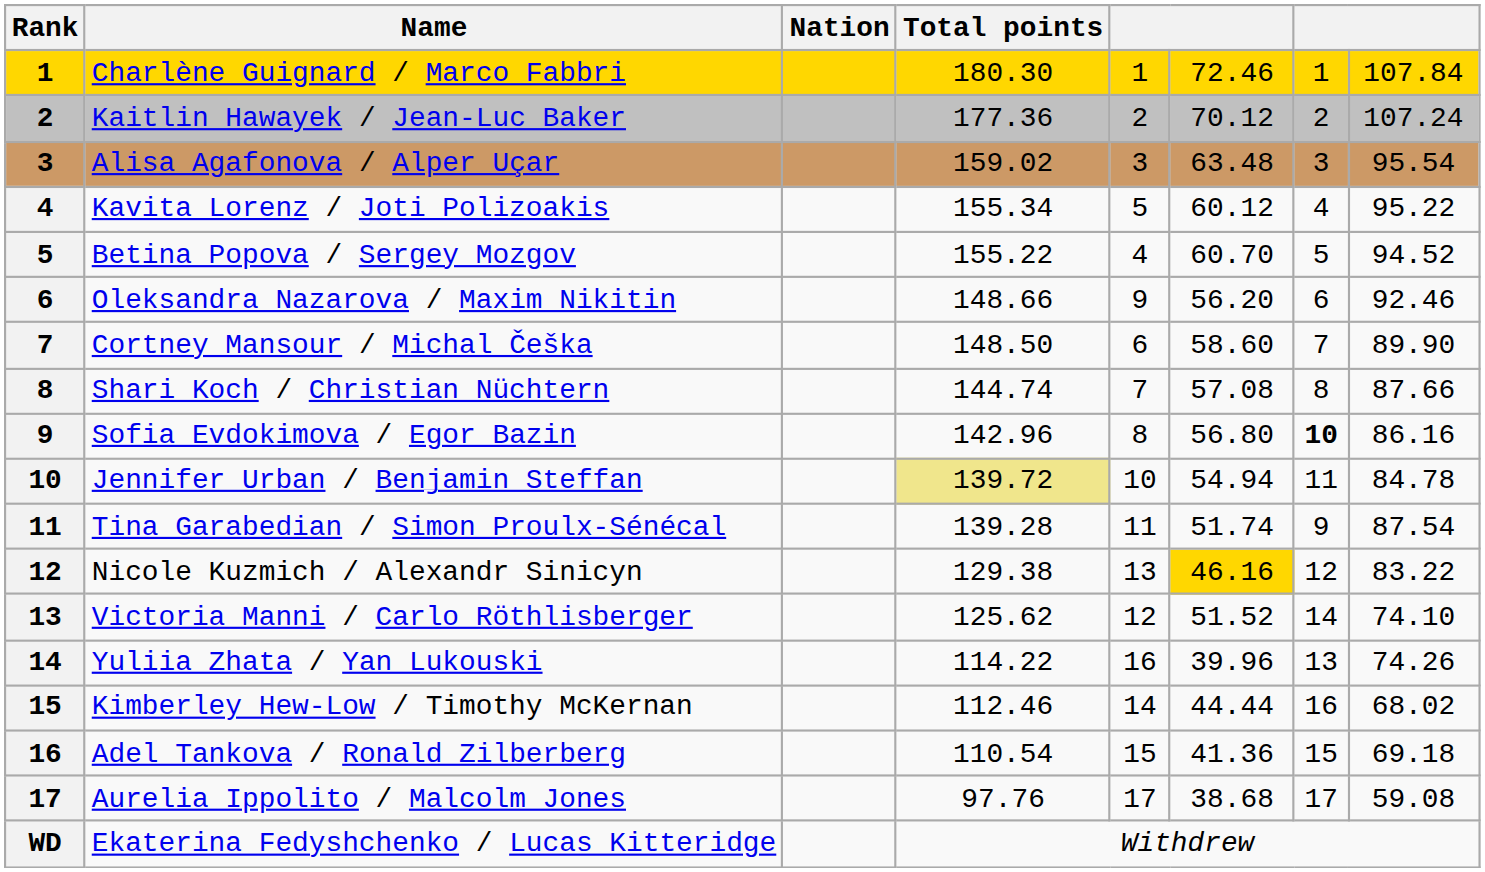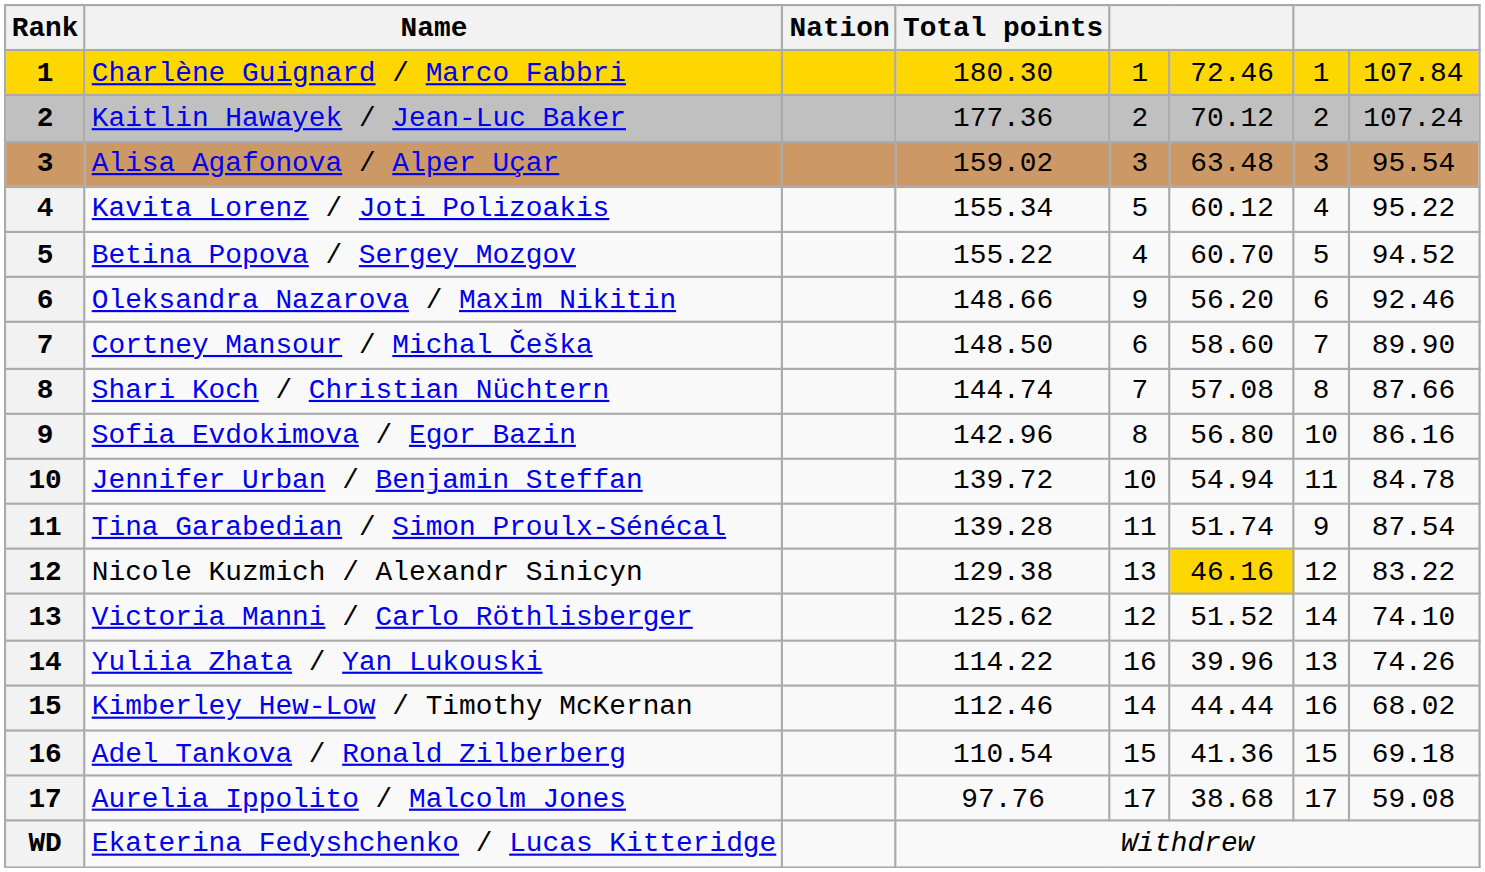 <table class="wikitable sortable">
 <tr>
 <th>Rank</th>
 <th>Name</th>
 <th>Nation</th>
 <th>Total points</th>
 <th colspan="2" width="80px"></th>
 <th colspan="2" width="80px"></th>
 </tr>
 <tr bgcolor="gold">
 <td align="center"><strong>1</strong></td>
 <td><a href='#'>Charlène Guignard</a> / <a href='#'>Marco Fabbri</a></td>
 <td></td>
 <td align="center">180.30</td>
 <td align="center">1</td>
 <td align="center">72.46</td>
 <td align="center">1</td>
 <td align="center">107.84</td>
 </tr>
 <tr bgcolor="silver">
 <td align="center"><strong>2</strong></td>
 <td><a href='#'>Kaitlin Hawayek</a> / <a href='#'>Jean-Luc Baker</a></td>
 <td></td>
 <td align="center">177.36</td>
 <td align="center">2</td>
 <td align="center">70.12</td>
 <td align="center">2</td>
 <td align="center">107.24</td>
 </tr>
 <tr bgcolor="cc9966">
 <td align="center"><strong>3</strong></td>
 <td><a href='#'>Alisa Agafonova</a> / <a href='#'>Alper Uçar</a></td>
 <td></td>
 <td align="center">159.02</td>
 <td align="center">3</td>
 <td align="center">63.48</td>
 <td align="center">3</td>
 <td align="center">95.54</td>
 </tr>
 <tr>
 <th>4</th>
 <td><a href='#'>Kavita Lorenz</a> / <a href='#'>Joti Polizoakis</a></td>
 <td></td>
 <td align="center">155.34</td>
 <td align="center">5</td>
 <td align="center">60.12</td>
 <td align="center">4</td>
 <td align="center">95.22</td>
 </tr>
 <tr>
 <th>5</th>
 <td><a href='#'>Betina Popova</a> / <a href='#'>Sergey Mozgov</a></td>
 <td></td>
 <td align="center">155.22</td>
 <td align="center">4</td>
 <td align="center">60.70</td>
 <td align="center">5</td>
 <td align="center">94.52</td>
 </tr>
 <tr>
 <th>6</th>
 <td><a href='#'>Oleksandra Nazarova</a> / <a href='#'>Maxim Nikitin</a></td>
 <td></td>
 <td align="center">148.66</td>
 <td align="center">9</td>
 <td align="center">56.20</td>
 <td align="center">6</td>
 <td align="center">92.46</td>
 </tr>
 <tr>
 <th>7</th>
 <td><a href='#'>Cortney Mansour</a> / <a href='#'>Michal Češka</a></td>
 <td></td>
 <td align="center">148.50</td>
 <td align="center">6</td>
 <td align="center">58.60</td>
 <td align="center">7</td>
 <td align="center">89.90</td>
 </tr>
 <tr>
 <th>8</th>
 <td><a href='#'>Shari Koch</a> / <a href='#'>Christian Nüchtern</a></td>
 <td></td>
 <td align="center">144.74</td>
 <td align="center">7</td>
 <td align="center">57.08</td>
 <td align="center">8</td>
 <td align="center">87.66</td>
 </tr>
 <tr>
 <th>9</th>
 <td><a href='#'>Sofia Evdokimova</a> / <a href='#'>Egor Bazin</a></td>
 <td></td>
 <td align="center">142.96</td>
 <td align="center">8</td>
 <td align="center">56.80</td>
-<td align="center"><strong>10</strong></td>
+<td align="center">10</td>
 <td align="center">86.16</td>
 </tr>
 <tr>
 <th>10</th>
 <td><a href='#'>Jennifer Urban</a> / <a href='#'>Benjamin Steffan</a></td>
 <td></td>
-<td align="center" style="background: khaki;">139.72</td>
+<td align="center">139.72</td>
 <td align="center">10</td>
 <td align="center">54.94</td>
 <td align="center">11</td>
 <td align="center">84.78</td>
 </tr>
 <tr>
 <th>11</th>
 <td><a href='#'>Tina Garabedian</a> / <a href='#'>Simon Proulx-Sénécal</a></td>
 <td></td>
 <td align="center">139.28</td>
 <td align="center">11</td>
 <td align="center">51.74</td>
 <td align="center">9</td>
 <td align="center">87.54</td>
 </tr>
 <tr>
 <th>12</th>
 <td>Nicole Kuzmich / Alexandr Sinicyn</td>
 <td></td>
 <td align="center">129.38</td>
 <td align="center">13</td>
 <td align="center" style="background: gold;">46.16</td>
 <td align="center">12</td>
 <td align="center">83.22</td>
 </tr>
 <tr>
 <th>13</th>
 <td><a href='#'>Victoria Manni</a> / <a href='#'>Carlo Röthlisberger</a></td>
 <td></td>
 <td align="center">125.62</td>
 <td align="center">12</td>
 <td align="center">51.52</td>
 <td align="center">14</td>
 <td align="center">74.10</td>
 </tr>
 <tr>
 <th>14</th>
 <td><a href='#'>Yuliia Zhata</a> / <a href='#'>Yan Lukouski</a></td>
 <td></td>
 <td align="center">114.22</td>
 <td align="center">16</td>
 <td align="center">39.96</td>
 <td align="center">13</td>
 <td align="center">74.26</td>
 </tr>
 <tr>
 <th>15</th>
 <td><a href='#'>Kimberley Hew-Low</a> / Timothy McKernan</td>
 <td></td>
 <td align="center">112.46</td>
 <td align="center">14</td>
 <td align="center">44.44</td>
 <td align="center">16</td>
 <td align="center">68.02</td>
 </tr>
 <tr>
 <th>16</th>
 <td><a href='#'>Adel Tankova</a> / <a href='#'>Ronald Zilberberg</a></td>
 <td></td>
 <td align="center">110.54</td>
 <td align="center">15</td>
 <td align="center">41.36</td>
 <td align="center">15</td>
 <td align="center">69.18</td>
 </tr>
 <tr>
 <th>17</th>
 <td><a href='#'>Aurelia Ippolito</a> / <a href='#'>Malcolm Jones</a></td>
 <td></td>
 <td align="center">97.76</td>
 <td align="center">17</td>
 <td align="center">38.68</td>
 <td align="center">17</td>
 <td align="center">59.08</td>
 </tr>
 <tr>
 <th>WD</th>
 <td><a href='#'>Ekaterina Fedyshchenko</a> / <a href='#'>Lucas Kitteridge</a></td>
 <td></td>
 <td colspan="5" align="center"><em>Withdrew</em></td>
 </tr>
 </table>
